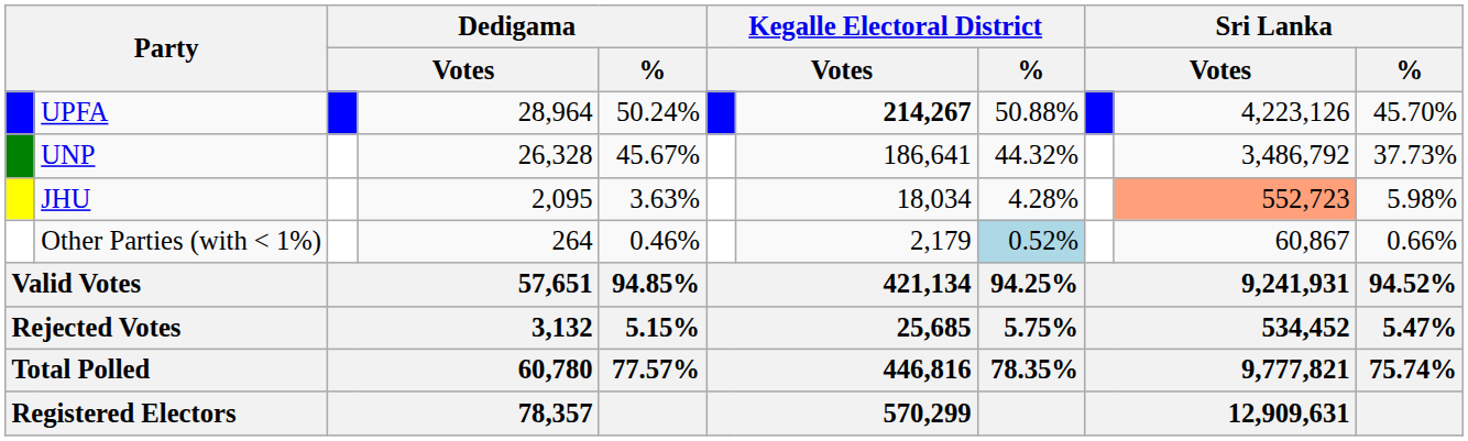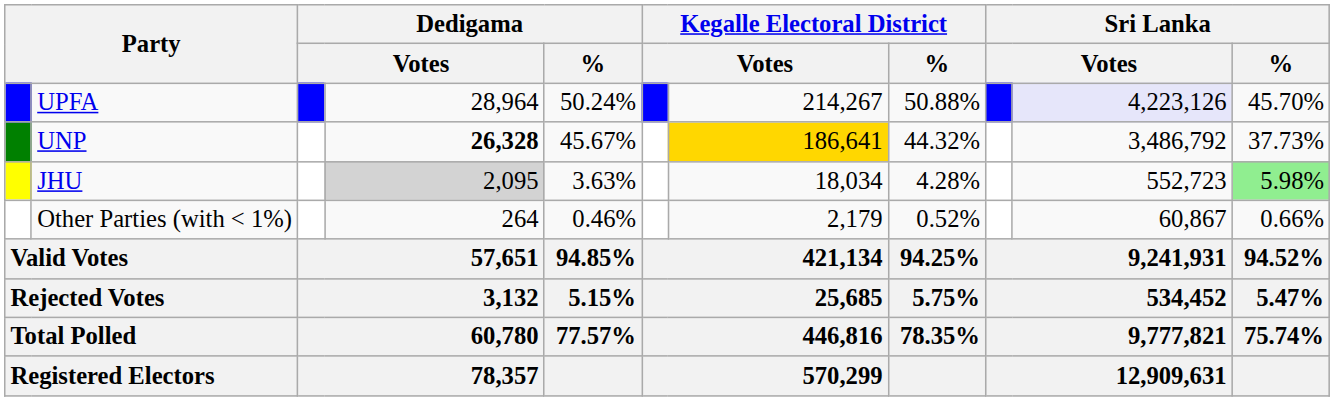 <table class="wikitable">
 <tr>
 <th colspan="2" width="144px"rowspan="2">Party</th>
 <th colspan="3" width="216px">Dedigama</th>
 <th colspan="3" width="216px"><a href='#'>Kegalle Electoral District</a></th>
 <th colspan="3" width="216px">Sri Lanka</th>
 </tr>
 <tr>
 <th colspan="2" width="144px">Votes</th>
 <th>%</th>
 <th colspan="2" width="144px">Votes</th>
 <th>%</th>
 <th colspan="2" width="144px">Votes</th>
 <th>%</th>
 </tr>
 <tr>
 <td style="background-color:blue;" width="10px"></td>
 <td style="text-align:left;"><a href='#'>UPFA</a></td>
 <td style="background-color:blue;" width="10px"></td>
 <td style="text-align:right;">28,964</td>
 <td style="text-align:right;">50.24%</td>
 <td style="background-color:blue;" width="10px"></td>
-<td style="text-align:right;"><strong>214,267</strong></td>
+<td style="text-align:right;">214,267</td>
 <td style="text-align:right;">50.88%</td>
 <td style="background-color:blue;" width="10px"></td>
-<td style="text-align:right;">4,223,126</td>
+<td style="background: lavender; text-align:right;">4,223,126</td>
 <td style="text-align:right;">45.70%</td>
 </tr>
 <tr>
 <td style="background-color:green;" width="10px"></td>
 <td style="text-align:left;"><a href='#'>UNP</a></td>
 <td style="background-color:white;" width="10px"></td>
-<td style="text-align:right;">26,328</td>
+<td style="text-align:right;"><strong>26,328</strong></td>
 <td style="text-align:right;">45.67%</td>
 <td style="background-color:white;" width="10px"></td>
-<td style="text-align:right;">186,641</td>
+<td style="background: gold; text-align:right;">186,641</td>
 <td style="text-align:right;">44.32%</td>
 <td style="background-color:white;" width="10px"></td>
 <td style="text-align:right;">3,486,792</td>
 <td style="text-align:right;">37.73%</td>
 </tr>
 <tr>
 <td style="background-color:yellow;" width="10px"></td>
 <td style="text-align:left;"><a href='#'>JHU</a></td>
 <td style="background-color:white;" width="10px"></td>
-<td style="text-align:right;">2,095</td>
+<td style="background: lightgrey; text-align:right;">2,095</td>
 <td style="text-align:right;">3.63%</td>
 <td style="background-color:white;" width="10px"></td>
 <td style="text-align:right;">18,034</td>
 <td style="text-align:right;">4.28%</td>
 <td style="background-color:white;" width="10px"></td>
-<td style="background: lightsalmon; text-align:right;">552,723</td>
-<td style="text-align:right;">5.98%</td>
+<td style="text-align:right;">552,723</td>
+<td style="background: lightgreen; text-align:right;">5.98%</td>
 </tr>
 <tr>
 <td style="background-color:white;" width="10px"></td>
 <td style="text-align:left;">Other Parties (with < 1%)</td>
 <td style="background-color:white;" width="10px"></td>
 <td style="text-align:right;">264</td>
 <td style="text-align:right;">0.46%</td>
 <td style="background-color:white;" width="10px"></td>
 <td style="text-align:right;">2,179</td>
-<td style="background: lightblue; text-align:right;">0.52%</td>
+<td style="text-align:right;">0.52%</td>
 <td style="background-color:white;" width="10px"></td>
 <td style="text-align:right;">60,867</td>
 <td style="text-align:right;">0.66%</td>
 </tr>
 <tr>
 <th colspan="2" width="144px"style="text-align:left;">Valid Votes</th>
 <th style="text-align:right;"colspan="2" width="144px">57,651</th>
 <th style="text-align:right;">94.85%</th>
 <th style="text-align:right;"colspan="2" width="144px">421,134</th>
 <th style="text-align:right;">94.25%</th>
 <th style="text-align:right;"colspan="2" width="144px">9,241,931</th>
 <th style="text-align:right;">94.52%</th>
 </tr>
 <tr>
 <th colspan="2" width="144px"style="text-align:left;">Rejected Votes</th>
 <th style="text-align:right;"colspan="2" width="144px">3,132</th>
 <th style="text-align:right;">5.15%</th>
 <th style="text-align:right;"colspan="2" width="144px">25,685</th>
 <th style="text-align:right;">5.75%</th>
 <th style="text-align:right;"colspan="2" width="144px">534,452</th>
 <th style="text-align:right;">5.47%</th>
 </tr>
 <tr>
 <th colspan="2" width="144px"style="text-align:left;">Total Polled</th>
 <th style="text-align:right;"colspan="2" width="144px">60,780</th>
 <th style="text-align:right;">77.57%</th>
 <th style="text-align:right;"colspan="2" width="144px">446,816</th>
 <th style="text-align:right;">78.35%</th>
 <th style="text-align:right;"colspan="2" width="144px">9,777,821</th>
 <th style="text-align:right;">75.74%</th>
 </tr>
 <tr>
 <th colspan="2" width="144px"style="text-align:left;">Registered Electors</th>
 <th style="text-align:right;"colspan="2" width="144px">78,357</th>
 <th></th>
 <th style="text-align:right;"colspan="2" width="144px">570,299</th>
 <th></th>
 <th style="text-align:right;"colspan="2" width="144px">12,909,631</th>
 <th></th>
 </tr>
 </table>
